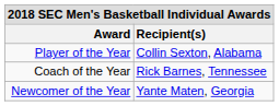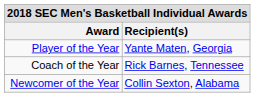 <table class="wikitable" style="white-space:nowrap; font-size:90%;">
 <tr>
 <td colspan="7" style="text-align:center; background:#ddd;"><strong>2018 SEC Men's Basketball Individual Awards</strong> </td>
 </tr>
 <tr>
 <th style="text-align:right;">Award</th>
 <th style="text-align:left;">Recipient(s)</th>
 </tr>
 <tr>
 <td style="text-align:right;"><a href='#'>Player of the Year</a></td>
-<td style="text-align:left;"><a href='#'>Collin Sexton</a>, <a href='#'>Alabama</a></td>
+<td style="text-align:left;"><a href='#'>Yante Maten</a>, <a href='#'>Georgia</a></td>
 </tr>
 <tr>
 <td style="text-align:right;">Coach of the Year</td>
 <td style="text-align:left;"><a href='#'>Rick Barnes</a>, <a href='#'>Tennessee</a></td>
 </tr>
 <tr>
 <td style="text-align:right;"><a href='#'>Newcomer of the Year</a></td>
-<td style="text-align:left;"><a href='#'>Yante Maten</a>, <a href='#'>Georgia</a></td>
+<td style="text-align:left;"><a href='#'>Collin Sexton</a>, <a href='#'>Alabama</a></td>
 </tr>
 </table>
